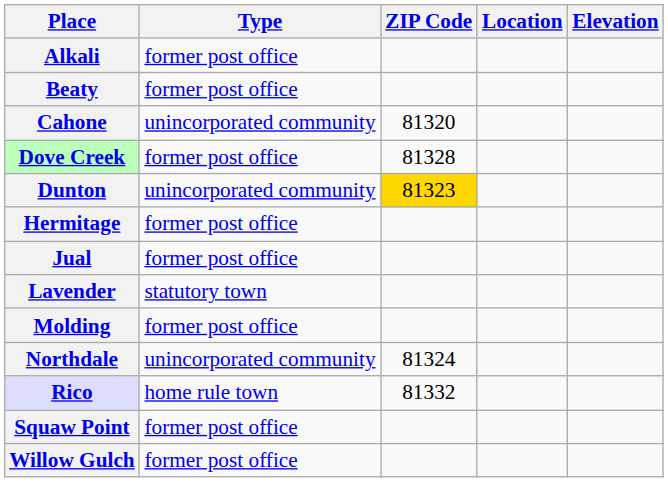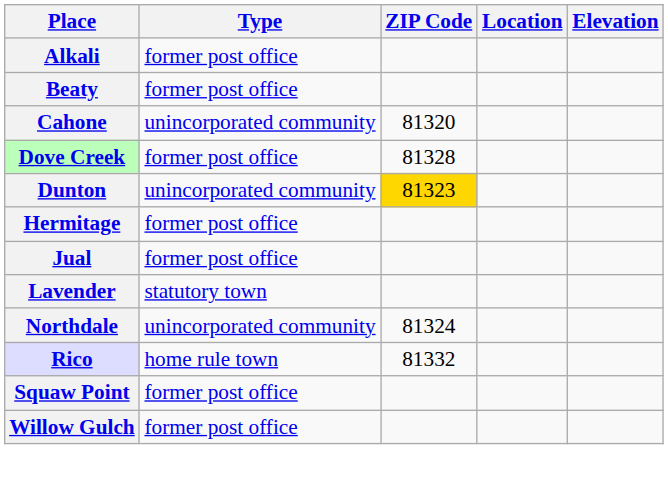 <table class="wikitable sortable  plainrowheaders" style="margin:auto;">
 <tr>
 <th scope=col><a href='#'>Place</a></th>
 <th scope=col><a href='#'>Type</a></th>
 <th scope=col><a href='#'>ZIP Code</a></th>
 <th scope=col><a href='#'>Location</a></th>
 <th scope=col><a href='#'>Elevation</a></th>
 </tr>
 <tr>
 <th scope=row><a href='#'>Alkali</a></th>
 <td><a href='#'>former post office</a></td>
 <td align=center></td>
 <td></td>
 <td></td>
 </tr>
 <tr>
 <th scope=row><a href='#'>Beaty</a></th>
 <td><a href='#'>former post office</a></td>
 <td align=center></td>
 <td></td>
 <td></td>
 </tr>
 <tr>
 <th scope=row><a href='#'>Cahone</a></th>
 <td><a href='#'>unincorporated community</a></td>
 <td align=center>81320</td>
 <td></td>
 <td align=right></td>
 </tr>
 <tr>
 <th scope=row style="background:#BBFFBB;"><a href='#'>Dove Creek</a></th>
 <td><a href='#'>former post office</a></td>
 <td align=center>81328</td>
 <td></td>
 <td align=right></td>
 </tr>
 <tr>
 <th scope=row><a href='#'>Dunton</a></th>
 <td><a href='#'>unincorporated community</a></td>
 <td align=center style="background: gold;">81323</td>
 <td></td>
 <td align=right></td>
 </tr>
 <tr>
 <th scope=row><a href='#'>Hermitage</a></th>
 <td><a href='#'>former post office</a></td>
 <td align=center></td>
 <td></td>
 <td></td>
 </tr>
 <tr>
 <th scope=row><a href='#'>Jual</a></th>
 <td><a href='#'>former post office</a></td>
 <td align=center></td>
 <td></td>
 <td></td>
 </tr>
 <tr>
 <th scope=row><a href='#'>Lavender</a></th>
 <td><a href='#'>statutory town</a></td>
 <td align=center></td>
 <td></td>
 <td></td>
 </tr>
 <tr>
-<th scope=row><a href='#'>Molding</a></th>
-<td><a href='#'>former post office</a></td>
-<td align=center></td>
-<td></td>
-<td></td>
-</tr>
-<tr>
 <th scope=row><a href='#'>Northdale</a></th>
 <td><a href='#'>unincorporated community</a></td>
 <td align=center>81324</td>
 <td></td>
 <td align=right></td>
 </tr>
 <tr>
 <th scope=row style="background:#DDDDFF;"><a href='#'>Rico</a></th>
 <td><a href='#'>home rule town</a></td>
 <td align=center>81332</td>
 <td></td>
 <td align=right></td>
 </tr>
 <tr>
 <th scope=row><a href='#'>Squaw Point</a></th>
 <td><a href='#'>former post office</a></td>
 <td align=center></td>
 <td></td>
 <td></td>
 </tr>
 <tr>
 <th scope=row><a href='#'>Willow Gulch</a></th>
 <td><a href='#'>former post office</a></td>
 <td align=center></td>
 <td></td>
 <td></td>
 </tr>
 </table>
